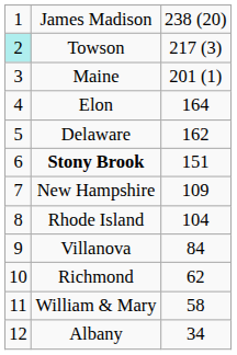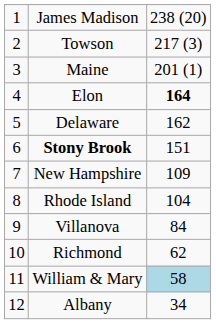 <table class="wikitable">
 <tr align="center">
 </tr>
 <tr align="center">
 <td>1</td>
 <td>James Madison</td>
 <td>238 (20)</td>
 </tr>
 <tr align="center">
-<td style="background: paleturquoise;">2</td>
+<td>2</td>
 <td>Towson</td>
 <td>217 (3)</td>
 </tr>
 <tr align="center">
 <td>3</td>
 <td>Maine</td>
 <td>201 (1)</td>
 </tr>
 <tr align="center">
 <td>4</td>
 <td>Elon</td>
-<td>164</td>
+<td><strong>164</strong></td>
 </tr>
 <tr align="center">
 <td>5</td>
 <td>Delaware</td>
 <td>162</td>
 </tr>
 <tr align="center">
 <td>6</td>
 <td><strong>Stony Brook</strong></td>
 <td>151</td>
 </tr>
 <tr align="center">
 <td>7</td>
 <td>New Hampshire</td>
 <td>109</td>
 </tr>
 <tr align="center">
 <td>8</td>
 <td>Rhode Island</td>
 <td>104</td>
 </tr>
 <tr align="center">
 <td>9</td>
 <td>Villanova</td>
 <td>84</td>
 </tr>
 <tr align="center">
 <td>10</td>
 <td>Richmond</td>
 <td>62</td>
 </tr>
 <tr align="center">
 <td>11</td>
 <td>William & Mary</td>
-<td>58</td>
+<td style="background: lightblue;">58</td>
 </tr>
 <tr align="center">
 <td>12</td>
 <td>Albany</td>
 <td>34</td>
 </tr>
 </table>
